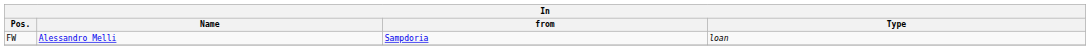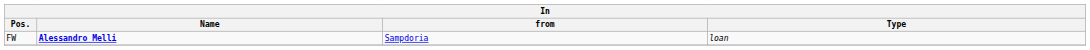 <table class="wikitable" style="font-size:90%;width:99%;">
 <tr>
 <th colspan="4">In</th>
 </tr>
 <tr>
 <th width=3%>Pos.</th>
 <th width=32%>Name</th>
 <th width=30%>from</th>
 <th width=35%>Type</th>
 </tr>
 <tr>
 <td>FW</td>
-<td><a href='#'>Alessandro Melli</a></td>
+<td><strong><a href='#'>Alessandro Melli</a></strong></td>
 <td><a href='#'>Sampdoria</a></td>
 <td><em>loan</em></td>
 </tr>
 <tr>
 </tr>
 </table>
